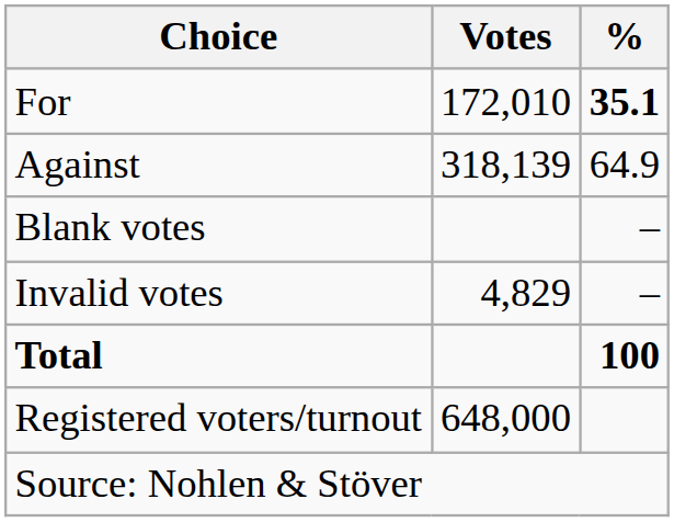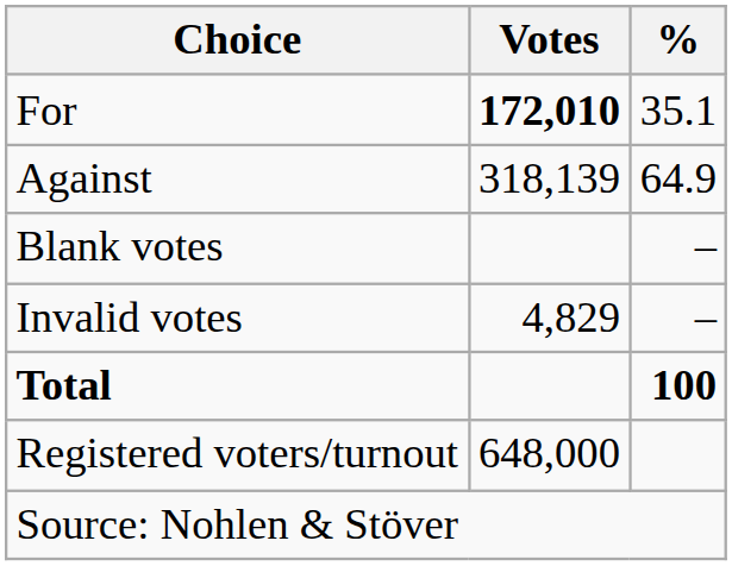 <table class=wikitable style=text-align:right>
 <tr>
 <th>Choice</th>
 <th>Votes</th>
 <th>%</th>
 </tr>
 <tr>
 <td align=left>For</td>
-<td>172,010</td>
-<td><strong>35.1</strong></td>
+<td><strong>172,010</strong></td>
+<td>35.1</td>
 </tr>
 <tr>
 <td align=left>Against</td>
 <td>318,139</td>
 <td>64.9</td>
 </tr>
 <tr>
 <td align=left>Blank votes</td>
 <td></td>
 <td>–</td>
 </tr>
 <tr>
 <td align=left>Invalid votes</td>
 <td>4,829</td>
 <td>–</td>
 </tr>
 <tr>
 <td align=left><strong>Total</strong></td>
 <td></td>
 <td><strong>100</strong></td>
 </tr>
 <tr>
 <td align=left>Registered voters/turnout</td>
 <td>648,000</td>
 <td></td>
 </tr>
 <tr>
 <td align=left colspan=3>Source: Nohlen & Stöver</td>
 </tr>
 </table>
